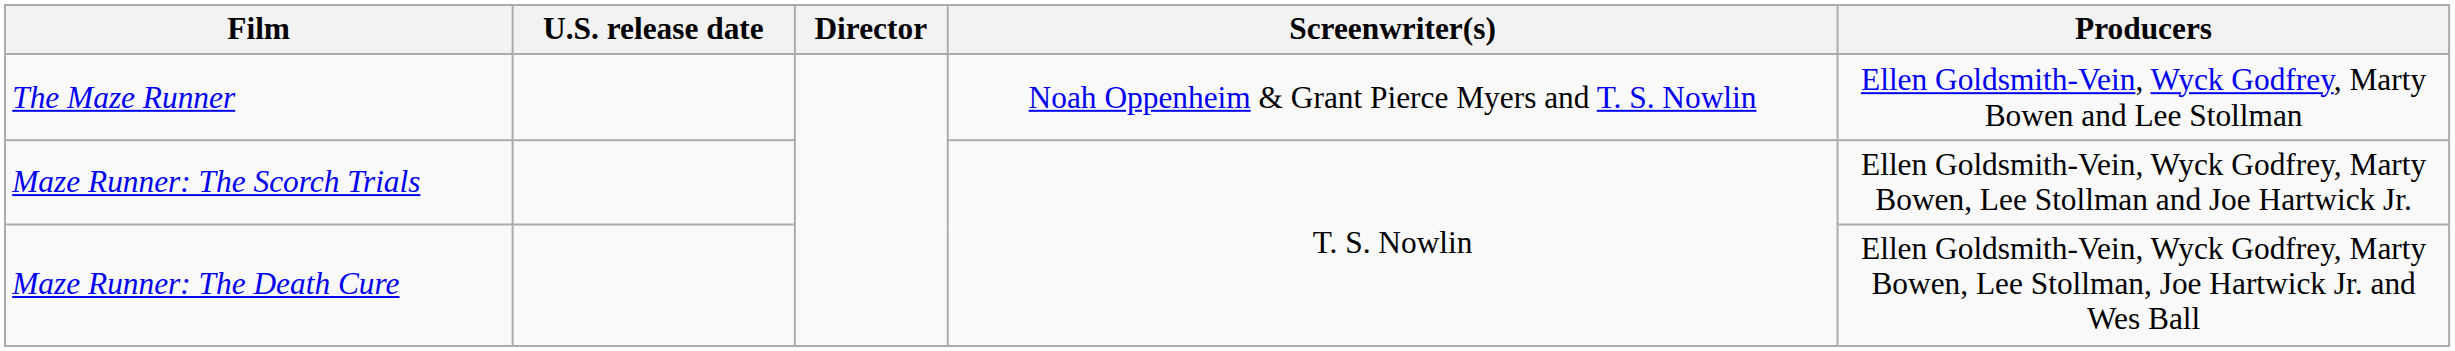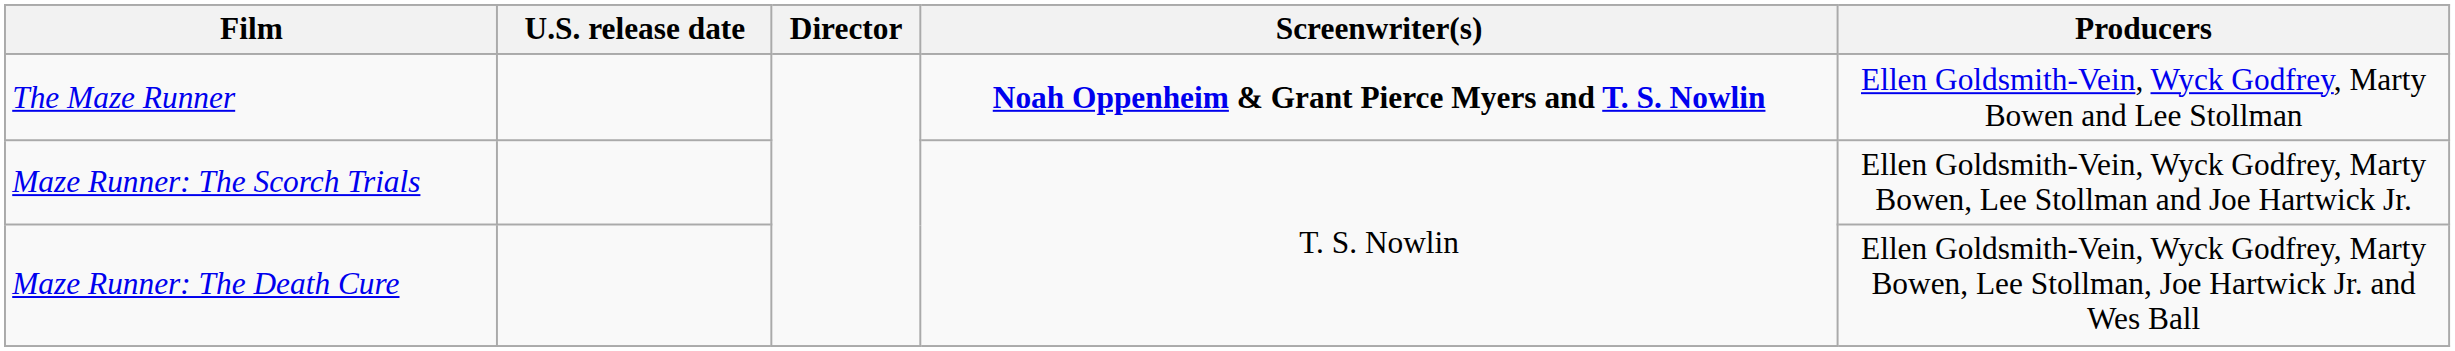 <table class="wikitable plainrowheaders" style="text-align:center;">
 <tr>
 <th>Film</th>
 <th>U.S. release date</th>
 <th>Director</th>
 <th>Screenwriter(s)</th>
 <th style="width: 25%">Producers</th>
 </tr>
 <tr>
 <td style="text-align:left"><em><a href='#'>The Maze Runner</a></em></td>
 <td style="text-align:left"></td>
 <td rowspan="3"></td>
-<td><a href='#'>Noah Oppenheim</a> & Grant Pierce Myers and <a href='#'>T. S. Nowlin</a></td>
+<td><strong><a href='#'>Noah Oppenheim</a> & Grant Pierce Myers and <a href='#'>T. S. Nowlin</a></strong></td>
 <td><a href='#'>Ellen Goldsmith-Vein</a>, <a href='#'>Wyck Godfrey</a>, Marty Bowen and Lee Stollman</td>
 </tr>
 <tr>
 <td style="text-align:left"><em><a href='#'>Maze Runner: The Scorch Trials</a></em></td>
 <td style="text-align:left"></td>
 <td rowspan="2">T. S. Nowlin</td>
 <td>Ellen Goldsmith-Vein, Wyck Godfrey, Marty Bowen, Lee Stollman and Joe Hartwick Jr.</td>
 </tr>
 <tr>
 <td style="text-align:left"><em><a href='#'>Maze Runner: The Death Cure</a></em></td>
 <td style="text-align:left"></td>
 <td>Ellen Goldsmith-Vein, Wyck Godfrey, Marty Bowen, Lee Stollman, Joe Hartwick Jr. and Wes Ball</td>
 </tr>
 </table>
